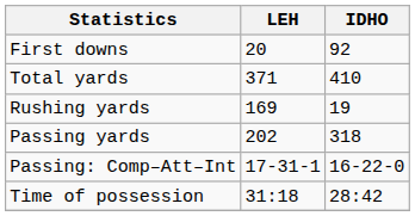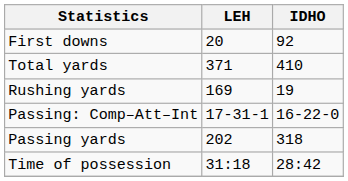 <table class="wikitable" style="float: left;">
 <tr>
 <th>Statistics</th>
 <th>LEH</th>
 <th>IDHO</th>
 </tr>
 <tr>
 <td>First downs</td>
 <td>20</td>
 <td>92</td>
 </tr>
 <tr>
 <td>Total yards</td>
 <td>371</td>
 <td>410</td>
 </tr>
 <tr>
 <td>Rushing yards</td>
 <td>169</td>
 <td>19</td>
 </tr>
 <tr>
+<td>Passing: Comp–Att–Int</td>
+<td>17-31-1</td>
+<td>16-22-0</td>
+</tr>
+<tr>
 <td>Passing yards</td>
 <td>202</td>
 <td>318</td>
-</tr>
-<tr>
-<td>Passing: Comp–Att–Int</td>
-<td>17-31-1</td>
-<td>16-22-0</td>
 </tr>
 <tr>
 <td>Time of possession</td>
 <td>31:18</td>
 <td>28:42</td>
 </tr>
 <tr>
 </tr>
 </table>
